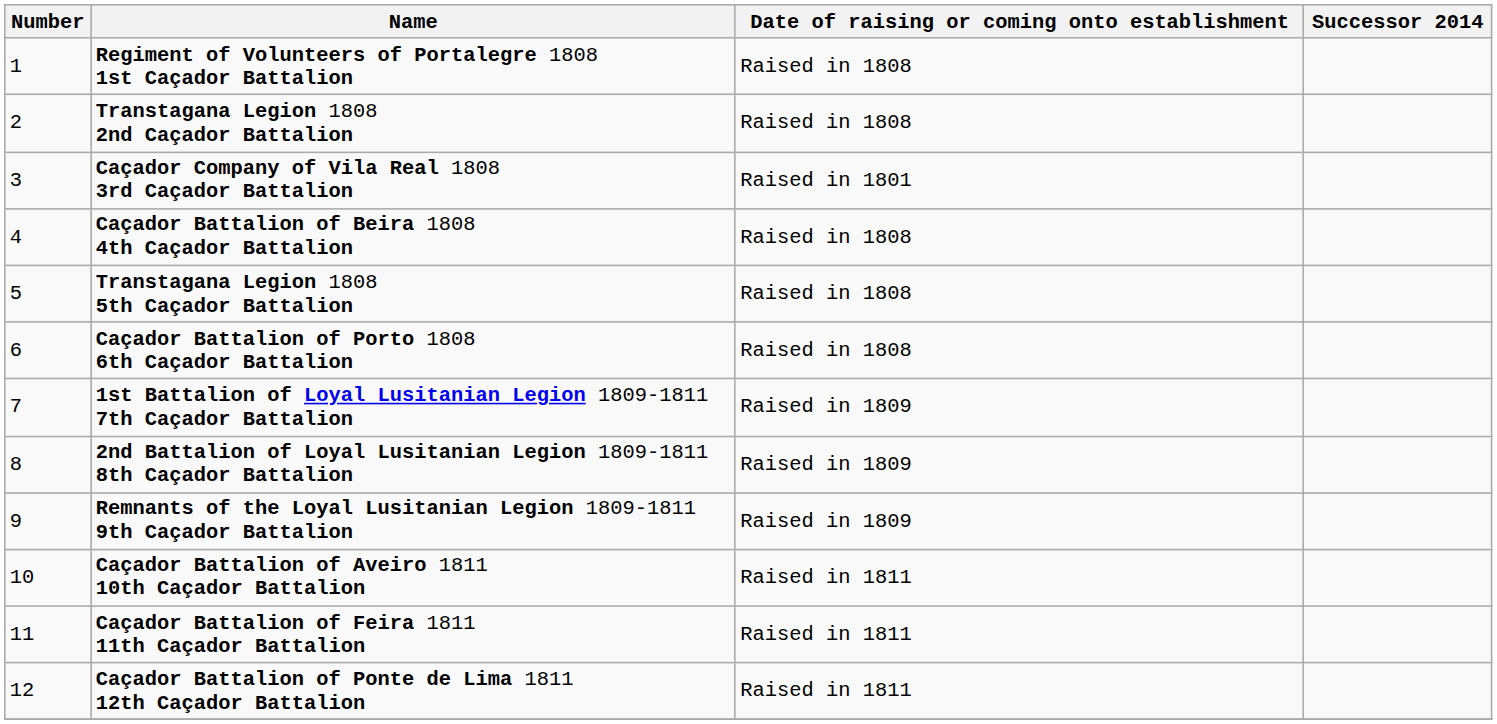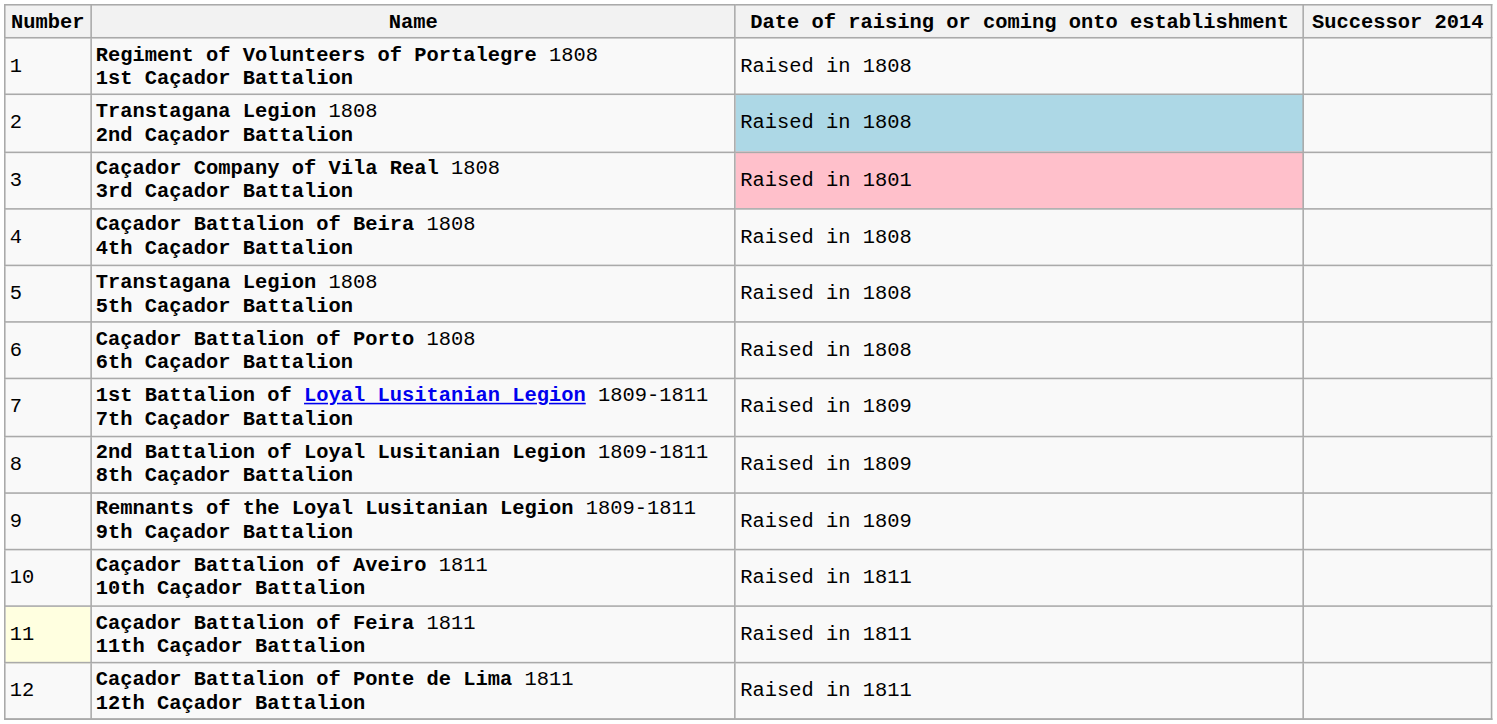 <table class="wikitable" width=75% |>
 <tr>
 <th>Number</th>
 <th>Name</th>
 <th>Date of raising or coming onto establishment</th>
 <th>Successor 2014</th>
 </tr>
 <tr>
 <td>1</td>
 <td><strong>Regiment of Volunteers of Portalegre</strong> 1808<br><strong>1st Caçador Battalion</strong></td>
 <td>Raised in 1808</td>
 <td></td>
 </tr>
 <tr>
 <td>2</td>
 <td><strong>Transtagana Legion</strong> 1808<br><strong>2nd Caçador Battalion</strong></td>
-<td>Raised in 1808</td>
+<td style="background: lightblue;">Raised in 1808</td>
 <td></td>
 </tr>
 <tr>
 <td>3</td>
 <td><strong>Caçador Company of Vila Real</strong> 1808<br><strong>3rd Caçador Battalion</strong></td>
-<td>Raised in 1801</td>
+<td style="background: pink;">Raised in 1801</td>
 <td></td>
 </tr>
 <tr>
 <td>4</td>
 <td><strong>Caçador Battalion of Beira</strong> 1808<br><strong>4th Caçador Battalion</strong></td>
 <td>Raised in 1808</td>
 <td></td>
 </tr>
 <tr>
 <td>5</td>
 <td><strong>Transtagana Legion</strong> 1808<br><strong>5th Caçador Battalion</strong></td>
 <td>Raised in 1808</td>
 <td></td>
 </tr>
 <tr>
 <td>6</td>
 <td><strong>Caçador Battalion of Porto</strong> 1808<br><strong>6th Caçador Battalion</strong></td>
 <td>Raised in 1808</td>
 <td></td>
 </tr>
 <tr>
 <td>7</td>
 <td><strong>1st Battalion of <a href='#'>Loyal Lusitanian Legion</a></strong> 1809-1811<br><strong>7th Caçador Battalion</strong></td>
 <td>Raised in 1809</td>
 <td></td>
 </tr>
 <tr>
 <td>8</td>
 <td><strong>2nd Battalion of Loyal Lusitanian Legion</strong> 1809-1811<br><strong>8th Caçador Battalion</strong></td>
 <td>Raised in 1809</td>
 <td></td>
 </tr>
 <tr>
 <td>9</td>
 <td><strong>Remnants of the Loyal Lusitanian Legion</strong> 1809-1811<br><strong>9th Caçador Battalion</strong></td>
 <td>Raised in 1809</td>
 <td></td>
 </tr>
 <tr>
 <td>10</td>
 <td><strong>Caçador Battalion of Aveiro</strong> 1811<br><strong>10th Caçador Battalion</strong></td>
 <td>Raised in 1811</td>
 <td></td>
 </tr>
 <tr>
-<td>11</td>
+<td style="background: lightyellow;">11</td>
 <td><strong>Caçador Battalion of Feira</strong> 1811<br><strong>11th Caçador Battalion</strong></td>
 <td>Raised in 1811</td>
 <td></td>
 </tr>
 <tr>
 <td>12</td>
 <td><strong>Caçador Battalion of Ponte de Lima</strong> 1811<br><strong>12th Caçador Battalion</strong></td>
 <td>Raised in 1811</td>
 <td></td>
 </tr>
 <tr>
 </tr>
 </table>
